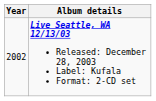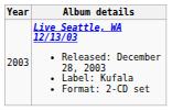 <table class ="wikitable" border="1">
 <tr>
 <th>Year</th>
 <th width="185">Album details</th>
 </tr>
 <tr>
-<td>2002</td>
+<td>2003</td>
 <td><strong><em><a href='#'>Live Seattle, WA 12/13/03</a></em></strong><br><ul><li>Released: December 28, 2003</li><li>Label: Kufala</li><li>Format: 2-CD set</li></ul></td>
 </tr>
 </table>
